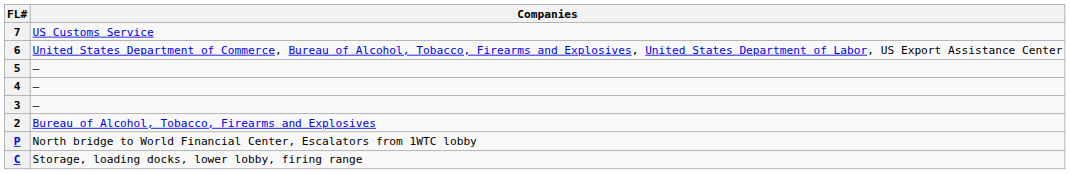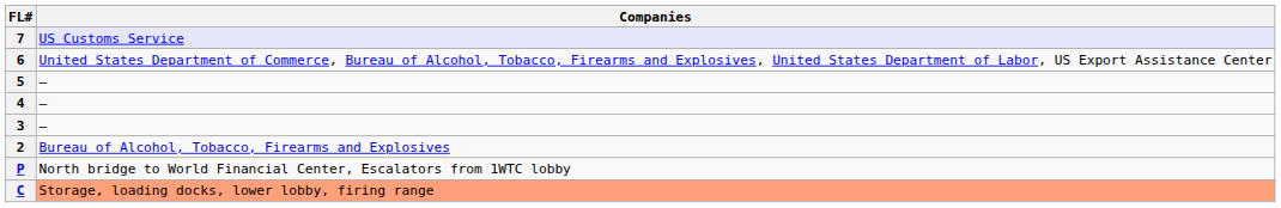 <table class="wikitable">
 <tr>
 <th>FL#</th>
 <th>Companies</th>
 </tr>
 <tr>
 <th>7</th>
-<td><a href='#'>US Customs Service</a></td>
+<td style="background: lavender;"><a href='#'>US Customs Service</a></td>
 </tr>
 <tr>
 <th>6</th>
 <td><a href='#'>United States Department of Commerce</a>, <a href='#'>Bureau of Alcohol, Tobacco, Firearms and Explosives</a>, <a href='#'>United States Department of Labor</a>, US Export Assistance Center</td>
 </tr>
 <tr>
 <th>5</th>
 <td>—</td>
 </tr>
 <tr>
 <th>4</th>
 <td>—</td>
 </tr>
 <tr>
 <th>3</th>
 <td>—</td>
 </tr>
 <tr>
 <th>2</th>
 <td><a href='#'>Bureau of Alcohol, Tobacco, Firearms and Explosives</a></td>
 </tr>
 <tr>
 <th><a href='#'>P</a></th>
 <td>North bridge to World Financial Center, Escalators from 1WTC lobby</td>
 </tr>
 <tr>
 <th><a href='#'>C</a></th>
-<td>Storage, loading docks, lower lobby, firing range</td>
+<td style="background: lightsalmon;">Storage, loading docks, lower lobby, firing range</td>
 </tr>
 </table>
